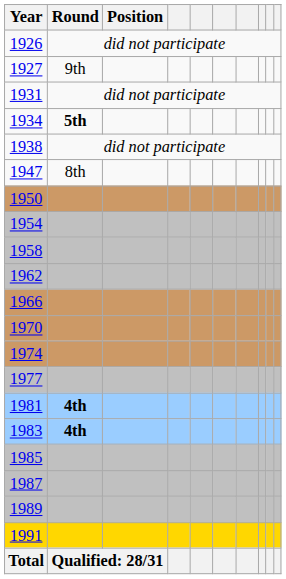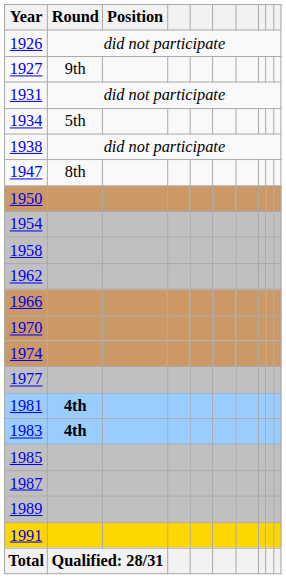 <table class="wikitable" style="text-align: center;">
 <tr>
 <th>Year</th>
 <th>Round</th>
 <th>Position</th>
 <th width="15"></th>
 <th width="15"></th>
 <th width="15"></th>
 <th width="15"></th>
 <th></th>
 <th></th>
 <th></th>
 </tr>
 <tr>
 <td> <a href='#'>1926</a></td>
 <td colspan=9><em>did not participate</em></td>
 </tr>
 <tr>
 <td> <a href='#'>1927</a></td>
 <td>9th</td>
 <td></td>
 <td></td>
 <td></td>
 <td></td>
 <td></td>
 <td></td>
 <td></td>
 <td></td>
 </tr>
 <tr>
 <td> <a href='#'>1931</a></td>
 <td colspan=9><em>did not participate</em></td>
 </tr>
 <tr>
 <td> <a href='#'>1934</a></td>
-<td><strong>5th</strong></td>
+<td>5th</td>
 <td></td>
 <td></td>
 <td></td>
 <td></td>
 <td></td>
 <td></td>
 <td></td>
 <td></td>
 </tr>
 <tr>
 <td> <a href='#'>1938</a></td>
 <td colspan=9><em>did not participate</em></td>
 </tr>
 <tr>
 <td> <a href='#'>1947</a></td>
 <td>8th</td>
 <td></td>
 <td></td>
 <td></td>
 <td></td>
 <td></td>
 <td></td>
 <td></td>
 <td></td>
 </tr>
 <tr style="background:#c96;">
 <td> <a href='#'>1950</a></td>
 <td></td>
 <td></td>
 <td></td>
 <td></td>
 <td></td>
 <td></td>
 <td></td>
 <td></td>
 <td></td>
 </tr>
 <tr style="background:silver;">
 <td> <a href='#'>1954</a></td>
 <td></td>
 <td></td>
 <td></td>
 <td></td>
 <td></td>
 <td></td>
 <td></td>
 <td></td>
 <td></td>
 </tr>
 <tr style="background:silver;">
 <td> <a href='#'>1958</a></td>
 <td></td>
 <td></td>
 <td></td>
 <td></td>
 <td></td>
 <td></td>
 <td></td>
 <td></td>
 <td></td>
 </tr>
 <tr style="background:silver;">
 <td> <a href='#'>1962</a></td>
 <td></td>
 <td></td>
 <td></td>
 <td></td>
 <td></td>
 <td></td>
 <td></td>
 <td></td>
 <td></td>
 </tr>
 <tr style="background:#c96;">
 <td> <a href='#'>1966</a></td>
 <td></td>
 <td></td>
 <td></td>
 <td></td>
 <td></td>
 <td></td>
 <td></td>
 <td></td>
 <td></td>
 </tr>
 <tr style="background:#c96;">
 <td> <a href='#'>1970</a></td>
 <td></td>
 <td></td>
 <td></td>
 <td></td>
 <td></td>
 <td></td>
 <td></td>
 <td></td>
 <td></td>
 </tr>
 <tr style="background:#c96;">
 <td> <a href='#'>1974</a></td>
 <td></td>
 <td></td>
 <td></td>
 <td></td>
 <td></td>
 <td></td>
 <td></td>
 <td></td>
 <td></td>
 </tr>
 <tr style="background:silver;">
 <td> <a href='#'>1977</a></td>
 <td></td>
 <td></td>
 <td></td>
 <td></td>
 <td></td>
 <td></td>
 <td></td>
 <td></td>
 <td></td>
 </tr>
 <tr style="background:#9acdff;">
 <td> <a href='#'>1981</a></td>
 <td><strong>4th</strong></td>
 <td></td>
 <td></td>
 <td></td>
 <td></td>
 <td></td>
 <td></td>
 <td></td>
 <td></td>
 </tr>
 <tr style="background:#9acdff;">
 <td> <a href='#'>1983</a></td>
 <td><strong>4th</strong></td>
 <td></td>
 <td></td>
 <td></td>
 <td></td>
 <td></td>
 <td></td>
 <td></td>
 <td></td>
 </tr>
 <tr style="background:silver;">
 <td> <a href='#'>1985</a></td>
 <td></td>
 <td></td>
 <td></td>
 <td></td>
 <td></td>
 <td></td>
 <td></td>
 <td></td>
 <td></td>
 </tr>
 <tr style="background:silver;">
 <td> <a href='#'>1987</a></td>
 <td></td>
 <td></td>
 <td></td>
 <td></td>
 <td></td>
 <td></td>
 <td></td>
 <td></td>
 <td></td>
 </tr>
 <tr style="background:silver;">
 <td> <a href='#'>1989</a></td>
 <td></td>
 <td></td>
 <td></td>
 <td></td>
 <td></td>
 <td></td>
 <td></td>
 <td></td>
 <td></td>
 </tr>
 <tr style="background:gold;">
 <td> <a href='#'>1991</a></td>
 <td></td>
 <td></td>
 <td></td>
 <td></td>
 <td></td>
 <td></td>
 <td></td>
 <td></td>
 <td></td>
 </tr>
 <tr>
 <th>Total</th>
 <th colspan="2">Qualified: 28/31</th>
 <th></th>
 <th></th>
 <th></th>
 <th></th>
 <th></th>
 <th></th>
 <th></th>
 </tr>
 </table>
